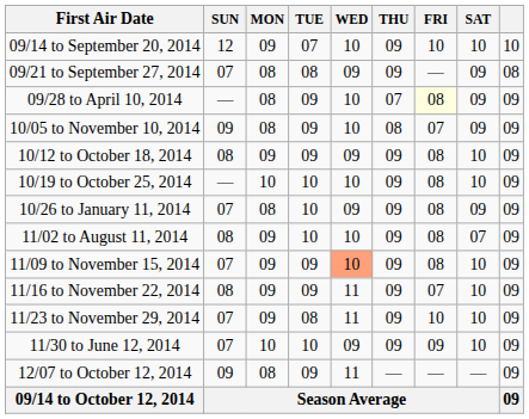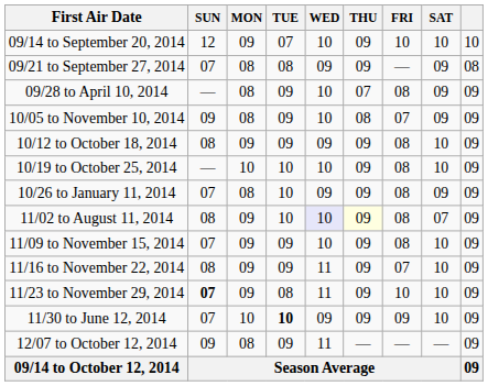 <table class="wikitable" style="font-size:90%; text-align:center;">
 <tr>
 <th>First Air Date</th>
 <th width=30><small>SUN</small></th>
 <th width=30><small>MON</small></th>
 <th width=30><small>TUE</small></th>
 <th width=30><small>WED</small></th>
 <th width=30><small>THU</small></th>
 <th width=30><small>FRI</small></th>
 <th width=30><small>SAT</small></th>
 <th></th>
 </tr>
 <tr>
 <td>09/14 to September 20, 2014</td>
 <td>12</td>
 <td>09</td>
 <td>07</td>
 <td>10</td>
 <td>09</td>
 <td>10</td>
 <td>10</td>
 <td>10</td>
 </tr>
 <tr>
 <td>09/21 to September 27, 2014</td>
 <td>07</td>
 <td>08</td>
 <td>08</td>
 <td>09</td>
 <td>09</td>
 <td>—</td>
 <td>09</td>
 <td>08</td>
 </tr>
 <tr>
 <td>09/28 to April 10, 2014</td>
 <td>—</td>
 <td>08</td>
 <td>09</td>
 <td>10</td>
 <td>07</td>
-<td style="background: lightyellow;">08</td>
+<td>08</td>
 <td>09</td>
 <td>09</td>
 </tr>
 <tr>
 <td>10/05 to November 10, 2014</td>
 <td>09</td>
 <td>08</td>
 <td>09</td>
 <td>10</td>
 <td>08</td>
 <td>07</td>
 <td>09</td>
 <td>09</td>
 </tr>
 <tr>
 <td>10/12 to October 18, 2014</td>
 <td>08</td>
 <td>09</td>
 <td>09</td>
 <td>09</td>
 <td>09</td>
 <td>08</td>
 <td>10</td>
 <td>09</td>
 </tr>
 <tr>
 <td>10/19 to October 25, 2014</td>
 <td>—</td>
 <td>10</td>
 <td>10</td>
 <td>10</td>
 <td>09</td>
 <td>08</td>
 <td>10</td>
 <td>09</td>
 </tr>
 <tr>
 <td>10/26 to January 11, 2014</td>
 <td>07</td>
 <td>08</td>
 <td>10</td>
 <td>09</td>
 <td>09</td>
 <td>08</td>
 <td>09</td>
 <td>09</td>
 </tr>
 <tr>
 <td>11/02 to August 11, 2014</td>
 <td>08</td>
 <td>09</td>
 <td>10</td>
-<td>10</td>
-<td>09</td>
+<td style="background: lavender;">10</td>
+<td style="background: lightyellow;">09</td>
 <td>08</td>
 <td>07</td>
 <td>09</td>
 </tr>
 <tr>
 <td>11/09 to November 15, 2014</td>
 <td>07</td>
 <td>09</td>
 <td>09</td>
-<td style="background: lightsalmon;">10</td>
+<td>10</td>
 <td>09</td>
 <td>08</td>
 <td>10</td>
 <td>09</td>
 </tr>
 <tr>
 <td>11/16 to November 22, 2014</td>
 <td>08</td>
 <td>09</td>
 <td>09</td>
 <td>11</td>
 <td>09</td>
 <td>07</td>
 <td>10</td>
 <td>09</td>
 </tr>
 <tr>
 <td>11/23 to November 29, 2014</td>
-<td>07</td>
+<td><strong>07</strong></td>
 <td>09</td>
 <td>08</td>
 <td>11</td>
 <td>09</td>
 <td>10</td>
 <td>10</td>
 <td>09</td>
 </tr>
 <tr>
 <td>11/30 to June 12, 2014</td>
 <td>07</td>
 <td>10</td>
-<td>10</td>
+<td><strong>10</strong></td>
 <td>09</td>
 <td>09</td>
 <td>09</td>
 <td>10</td>
 <td>09</td>
 </tr>
 <tr>
 <td>12/07 to October 12, 2014</td>
 <td>09</td>
 <td>08</td>
 <td>09</td>
 <td>11</td>
 <td>—</td>
 <td>—</td>
 <td>—</td>
 <td>09</td>
 </tr>
 <tr>
 <th>09/14 to October 12, 2014</th>
 <th colspan=7>Season Average</th>
 <th>09</th>
 </tr>
 </table>
